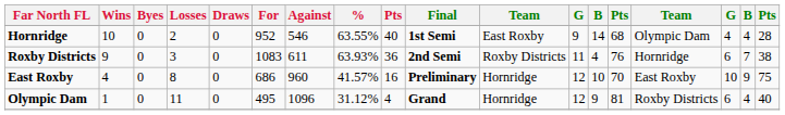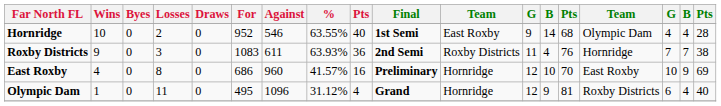 <table class="wikitable">
 <tr>
 <th style="color:crimson">Far North FL</th>
 <th style="color:crimson">Wins</th>
 <th style="color:crimson">Byes</th>
 <th style="color:crimson">Losses</th>
 <th style="color:crimson">Draws</th>
 <th style="color:crimson">For</th>
 <th style="color:crimson">Against</th>
 <th style="color:crimson">%</th>
 <th style="color:crimson">Pts</th>
 <th style="color:green">Final</th>
 <th style="color:green">Team</th>
 <th style="color:green">G</th>
 <th style="color:green">B</th>
 <th style="color:green">Pts</th>
 <th style="color:green">Team</th>
 <th style="color:green">G</th>
 <th style="color:green">B</th>
 <th style="color:green">Pts</th>
 </tr>
 <tr>
 </tr>
 <tr>
 </tr>
 <tr>
 <td><strong>	Hornridge	</strong></td>
 <td>10</td>
 <td>0</td>
 <td>2</td>
 <td>0</td>
 <td>952</td>
 <td>546</td>
 <td>63.55%</td>
 <td>40</td>
 <td><strong>1st Semi</strong></td>
 <td>East Roxby</td>
 <td>9</td>
 <td>14</td>
 <td>68</td>
 <td>Olympic Dam</td>
 <td>4</td>
 <td>4</td>
 <td>28</td>
 </tr>
 <tr>
 <td><strong>	Roxby Districts	</strong></td>
 <td>9</td>
 <td>0</td>
 <td>3</td>
 <td>0</td>
 <td>1083</td>
 <td>611</td>
 <td>63.93%</td>
 <td>36</td>
 <td><strong>2nd Semi</strong></td>
 <td>Roxby Districts</td>
 <td>11</td>
 <td>4</td>
 <td>76</td>
 <td>Hornridge</td>
-<td>6</td>
+<td>7</td>
 <td>7</td>
 <td>38</td>
 </tr>
 <tr>
 <td><strong>	East Roxby	</strong></td>
 <td>4</td>
 <td>0</td>
 <td>8</td>
 <td>0</td>
 <td>686</td>
 <td>960</td>
 <td>41.57%</td>
 <td>16</td>
 <td><strong>Preliminary</strong></td>
 <td>Hornridge</td>
 <td>12</td>
 <td>10</td>
 <td>70</td>
 <td>East Roxby</td>
 <td>10</td>
 <td>9</td>
-<td>75</td>
+<td>69</td>
 </tr>
 <tr>
 <td><strong>	Olympic Dam	</strong></td>
 <td>1</td>
 <td>0</td>
 <td>11</td>
 <td>0</td>
 <td>495</td>
 <td>1096</td>
 <td>31.12%</td>
 <td>4</td>
 <td><strong>Grand</strong></td>
 <td>Hornridge</td>
 <td>12</td>
 <td>9</td>
 <td>81</td>
 <td>Roxby Districts</td>
 <td>6</td>
 <td>4</td>
 <td>40</td>
 </tr>
 <tr>
 </tr>
 <tr>
 </tr>
 </table>
